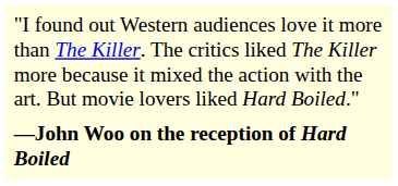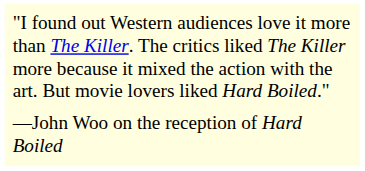 <table class="toccolours" cellspacing="5" style="float: left; margin-left: 1em; margin-right: 2em; font-size: 85%; background:#FFFFE0; color:black; width:30em; max-width: 20%">
 <tr>
 <td style="text-align: left;">"I found out Western audiences love it more than <em><a href='#'>The Killer</a></em>. The critics liked <em>The Killer</em> more because it mixed the action with the art. But movie lovers liked <em>Hard Boiled</em>."</td>
 </tr>
 <tr>
-<td style="text-align: left;"><strong>—John Woo on the reception of <em>Hard Boiled</em></strong></td>
+<td style="text-align: left;">—John Woo on the reception of <em>Hard Boiled</em></td>
 </tr>
 </table>
